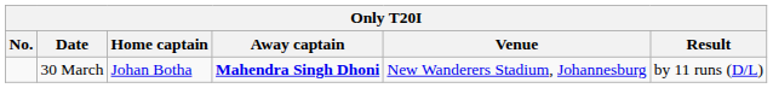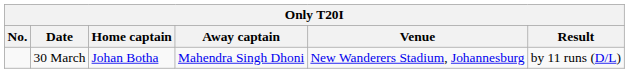 <table class="wikitable">
 <tr>
 <th colspan="6">Only T20I</th>
 </tr>
 <tr>
 <th>No.</th>
 <th>Date</th>
 <th>Home captain</th>
 <th>Away captain</th>
 <th>Venue</th>
 <th>Result</th>
 </tr>
 <tr>
 <td></td>
 <td>30 March</td>
 <td><a href='#'>Johan Botha</a></td>
-<td><strong><a href='#'>Mahendra Singh Dhoni</a></strong></td>
+<td><a href='#'>Mahendra Singh Dhoni</a></td>
 <td><a href='#'>New Wanderers Stadium</a>, <a href='#'>Johannesburg</a></td>
 <td> by 11 runs (<a href='#'>D/L</a>)</td>
 </tr>
 </table>
